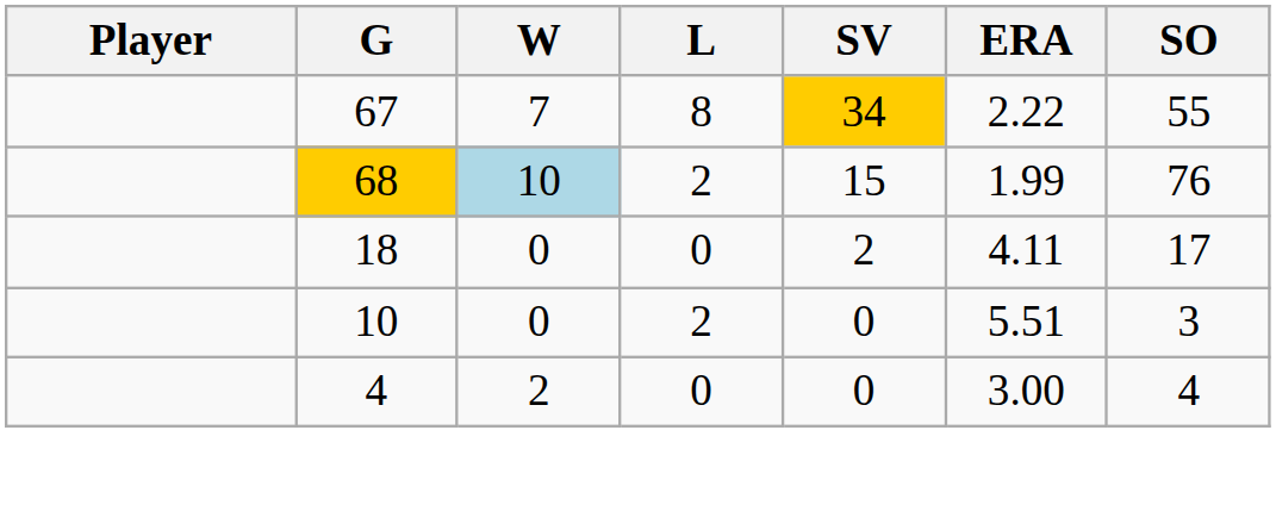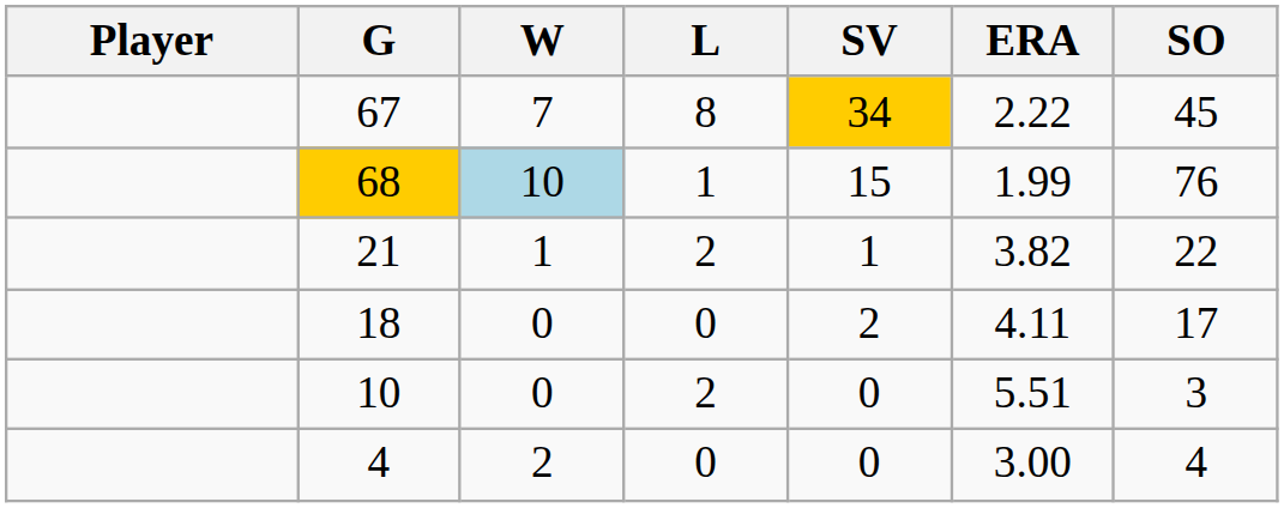 <table class="wikitable sortable">
 <tr>
 <th bgcolor="#DDDDFF" width="16%">Player</th>
 <th bgcolor="#DDDDFF" width="9%">G</th>
 <th bgcolor="#DDDDFF" width="9%">W</th>
 <th bgcolor="#DDDDFF" width="9%">L</th>
 <th bgcolor="#DDDDFF" width="9%">SV</th>
 <th bgcolor="#DDDDFF" width="9%">ERA</th>
 <th bgcolor="#DDDDFF" width="9%">SO</th>
 </tr>
 <tr align="center">
 <td></td>
 <td>67</td>
 <td>7</td>
 <td>8</td>
 <td bgcolor="#FFCC00">34</td>
 <td>2.22</td>
-<td>55</td>
+<td>45</td>
 </tr>
 <tr align="center">
 <td></td>
 <td bgcolor="#FFCC00">68</td>
 <td style="background: lightblue;">10</td>
-<td>2</td>
+<td>1</td>
 <td>15</td>
 <td>1.99</td>
 <td>76</td>
+</tr>
+<tr align="center">
+<td></td>
+<td>21</td>
+<td>1</td>
+<td>2</td>
+<td>1</td>
+<td>3.82</td>
+<td>22</td>
 </tr>
 <tr align="center">
 <td></td>
 <td>18</td>
 <td>0</td>
 <td>0</td>
 <td>2</td>
 <td>4.11</td>
 <td>17</td>
 </tr>
 <tr align="center">
 <td></td>
 <td>10</td>
 <td>0</td>
 <td>2</td>
 <td>0</td>
 <td>5.51</td>
 <td>3</td>
 </tr>
 <tr align="center">
 <td></td>
 <td>4</td>
 <td>2</td>
 <td>0</td>
 <td>0</td>
 <td>3.00</td>
 <td>4</td>
 </tr>
 </table>
